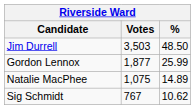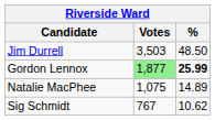 <table class="wikitable">
 <tr>
 <th colspan="3"><a href='#'>Riverside Ward</a></th>
 </tr>
 <tr>
 <th style="width: 170px">Candidate</th>
 <th style="width: 50px">Votes</th>
 <th style="width: 40px">%</th>
 </tr>
 <tr>
 <td><a href='#'>Jim Durrell</a></td>
 <td>3,503</td>
 <td>48.50</td>
 </tr>
 <tr>
 <td>Gordon Lennox</td>
-<td>1,877</td>
-<td>25.99</td>
+<td style="background: lightgreen;">1,877</td>
+<td><strong>25.99</strong></td>
 </tr>
 <tr>
 <td>Natalie MacPhee</td>
 <td>1,075</td>
 <td>14.89</td>
 </tr>
 <tr>
 <td>Sig Schmidt</td>
 <td>767</td>
 <td>10.62</td>
 </tr>
 </table>
